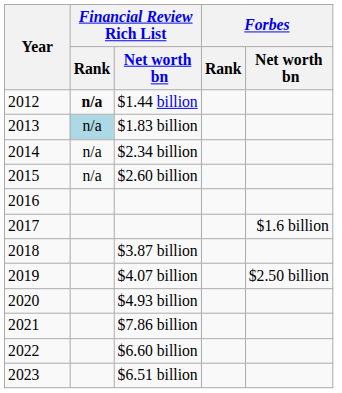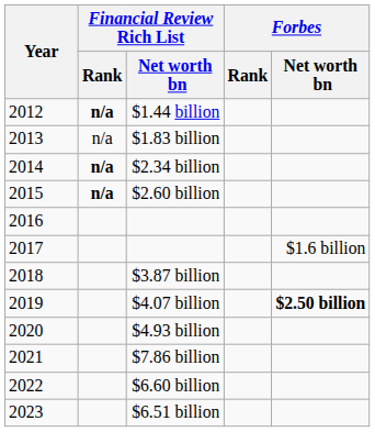 <table class="wikitable">
 <tr>
 <th rowspan=2>Year</th>
 <th colspan=2 width=40%><em><a href='#'>Financial Review</a></em><br><a href='#'>Rich List</a></th>
 <th colspan=2 width=40%><em><a href='#'>Forbes</a></em><br></th>
 </tr>
 <tr>
 <th>Rank</th>
 <th><a href='#'>Net worth</a><br> <a href='#'>bn</a></th>
 <th>Rank</th>
 <th>Net worth<br> bn</th>
 </tr>
 <tr>
 <td>2012</td>
 <td align="center"><strong>n/a</strong></td>
 <td align="right">$1.44 <a href='#'>billion</a> </td>
 <td align="center"></td>
 <td align="right"></td>
 </tr>
 <tr>
 <td>2013</td>
-<td align="center" style="background: lightblue;">n/a</td>
+<td align="center">n/a</td>
 <td align="right">$1.83 billion </td>
 <td align="center"></td>
 <td align="right"></td>
 </tr>
 <tr>
 <td>2014</td>
-<td align="center">n/a</td>
+<td align="center"><strong>n/a</strong></td>
 <td align="right">$2.34 billion </td>
 <td align="center"></td>
 <td align="right"></td>
 </tr>
 <tr>
 <td>2015</td>
-<td align="center">n/a</td>
+<td align="center"><strong>n/a</strong></td>
 <td align="right">$2.60 billion </td>
 <td align="center"></td>
 <td align="right of the photo"></td>
 </tr>
 <tr>
 <td>2016</td>
 <td align="center"></td>
 <td align="right"></td>
 <td align="center"></td>
 <td align="right"></td>
 </tr>
 <tr>
 <td>2017</td>
 <td align="center"></td>
 <td align="right"></td>
 <td align="center"></td>
 <td align="right">$1.6 billion</td>
 </tr>
 <tr>
 <td>2018</td>
 <td align="center"></td>
 <td align="right">$3.87 billion </td>
 <td align="center"></td>
 <td align="right"></td>
 </tr>
 <tr>
 <td>2019</td>
 <td align="center"> </td>
 <td align="right">$4.07 billion </td>
 <td align="center"> </td>
-<td align="right">$2.50 billion </td>
+<td align="right"><strong>$2.50 billion </strong></td>
 </tr>
 <tr>
 <td>2020</td>
 <td align="center"></td>
 <td align="right">$4.93 billion </td>
 <td align="center"></td>
 <td align="right"></td>
 </tr>
 <tr>
 <td>2021</td>
 <td align="center"></td>
 <td align="right">$7.86 billion </td>
 <td align="center"></td>
 <td align="right"></td>
 </tr>
 <tr>
 <td>2022</td>
 <td align="center"></td>
 <td align="right">$6.60 billion </td>
 <td align="center"></td>
 <td align="right"></td>
 </tr>
 <tr>
 <td>2023</td>
 <td align="center"></td>
 <td align="right">$6.51 billion </td>
 <td align="center"></td>
 <td align="right"></td>
 </tr>
 </table>
